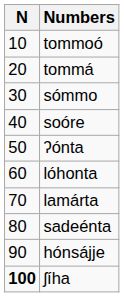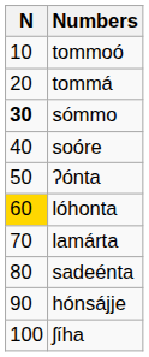 <table class="wikitable">
 <tr>
 <th>N</th>
 <th>Numbers</th>
 </tr>
 <tr>
 <td>10</td>
 <td>tommoó</td>
 </tr>
 <tr>
 <td>20</td>
 <td>tommá</td>
 </tr>
 <tr>
-<td>30</td>
+<td><strong>30</strong></td>
 <td>sómmo</td>
 </tr>
 <tr>
 <td>40</td>
 <td>soóre</td>
 </tr>
 <tr>
 <td>50</td>
 <td>ʔónta</td>
 </tr>
 <tr>
-<td>60</td>
+<td style="background: gold;">60</td>
 <td>lóhonta</td>
 </tr>
 <tr>
 <td>70</td>
 <td>lamárta</td>
 </tr>
 <tr>
 <td>80</td>
 <td>sadeénta</td>
 </tr>
 <tr>
 <td>90</td>
 <td>hónsájje</td>
 </tr>
 <tr>
-<td><strong>100</strong></td>
+<td>100</td>
 <td>ʃíha</td>
 </tr>
 </table>
